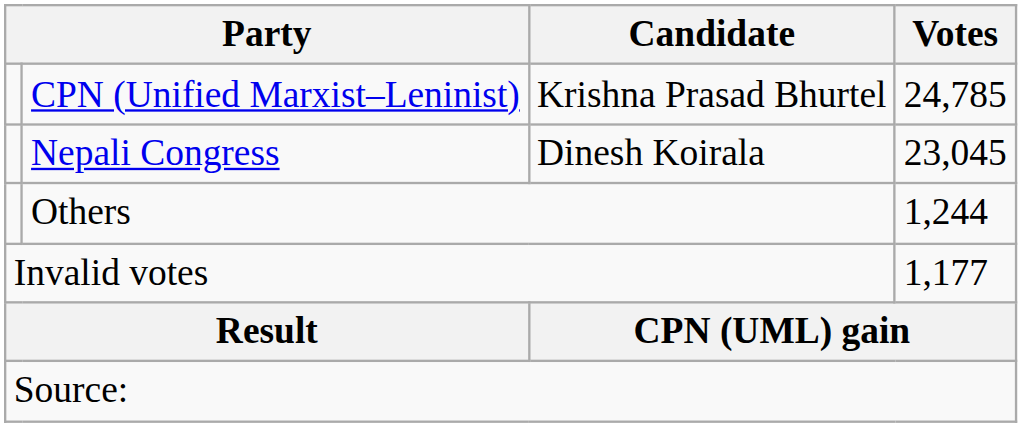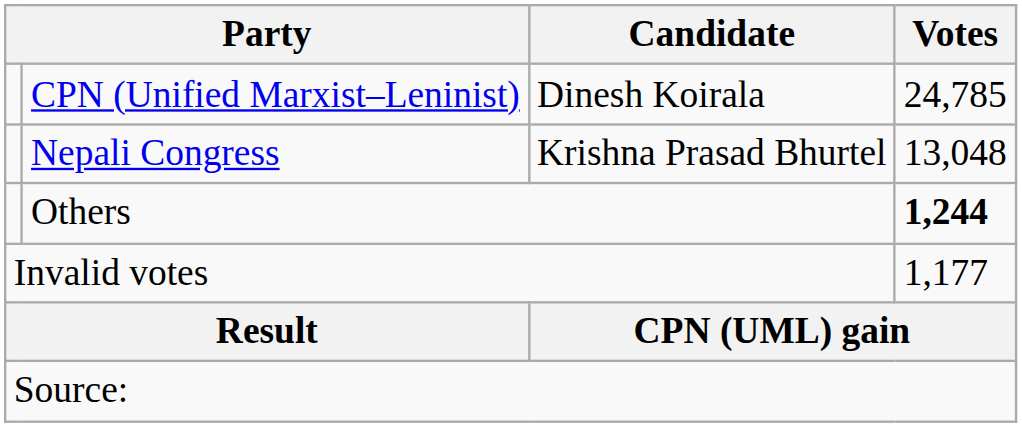 <table class="wikitable">
 <tr>
 <th colspan="2">Party</th>
 <th>Candidate</th>
 <th>Votes</th>
 </tr>
 <tr>
 <td style="background-color:"></td>
 <td><a href='#'>CPN (Unified Marxist–Leninist)</a></td>
-<td>Krishna Prasad Bhurtel</td>
+<td>Dinesh Koirala</td>
 <td>24,785</td>
 </tr>
 <tr>
 <td style="background-color:"></td>
 <td><a href='#'>Nepali Congress</a></td>
-<td>Dinesh Koirala</td>
-<td>23,045</td>
+<td>Krishna Prasad Bhurtel</td>
+<td>13,048</td>
 </tr>
 <tr>
 <td></td>
 <td colspan="2">Others</td>
-<td>1,244</td>
+<td><strong>1,244</strong></td>
 </tr>
 <tr>
 <td colspan="3">Invalid votes</td>
 <td>1,177</td>
 </tr>
 <tr>
 <th colspan="2">Result</th>
 <th colspan="2">CPN (UML) gain</th>
 </tr>
 <tr>
 <td colspan="4">Source: </td>
 </tr>
 </table>
